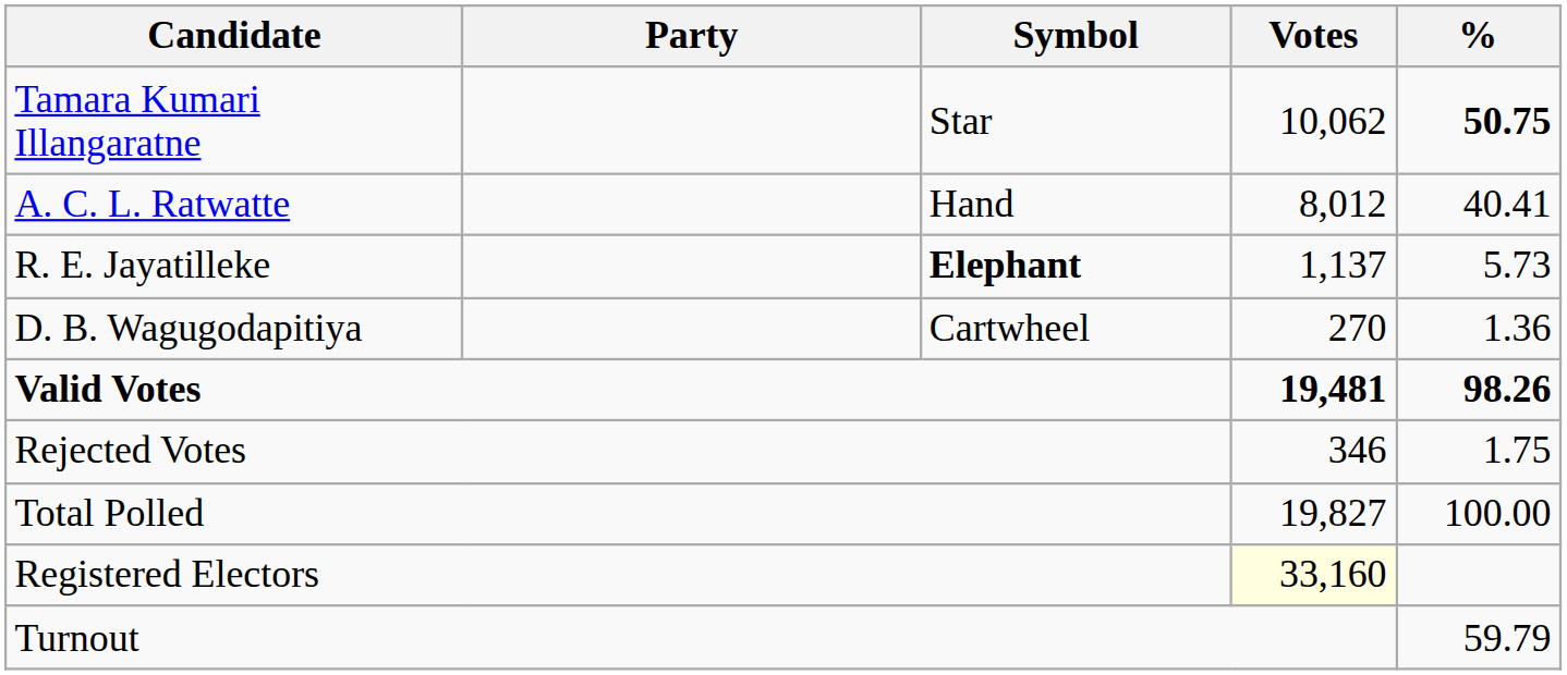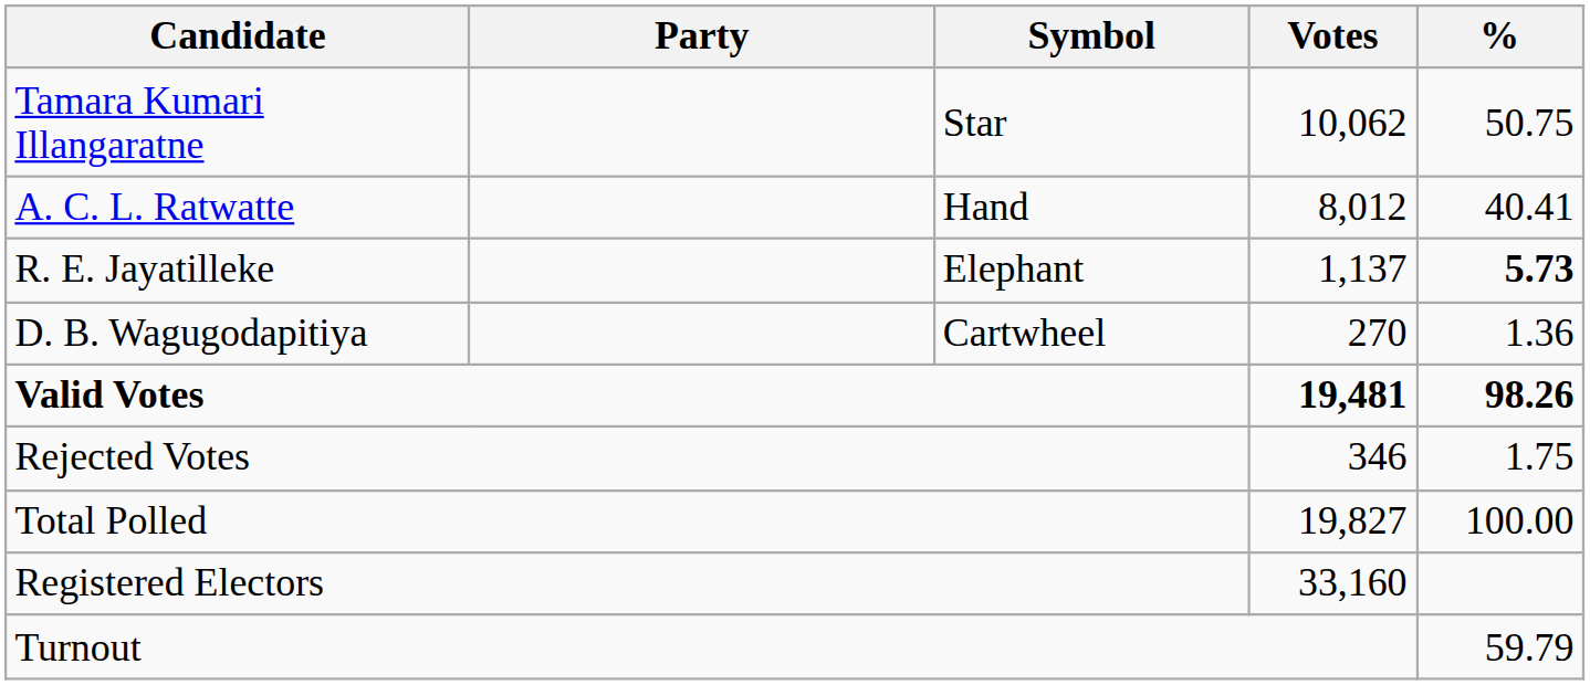 <table class="wikitable" border="1" style="text-align:right;">
 <tr>
 <th align=left width="180">Candidate</th>
 <th align=left width="180">Party</th>
 <th align=left width="120">Symbol</th>
 <th align=left width="60">Votes</th>
 <th align=left width="60">%</th>
 </tr>
 <tr>
 <td align=left><a href='#'>Tamara Kumari Illangaratne</a></td>
 <td></td>
 <td align=left>Star</td>
 <td align=right>10,062</td>
-<td align=right><strong>50.75</strong></td>
+<td align=right>50.75</td>
 </tr>
 <tr>
 <td align=left><a href='#'>A. C. L. Ratwatte</a></td>
 <td></td>
 <td align=left>Hand</td>
 <td align=right>8,012</td>
 <td align=right>40.41</td>
 </tr>
 <tr>
 <td align=left>R. E. Jayatilleke</td>
 <td></td>
-<td align=left><strong>Elephant</strong></td>
+<td align=left>Elephant</td>
 <td align=right>1,137</td>
-<td align=right>5.73</td>
+<td align=right><strong>5.73</strong></td>
 </tr>
 <tr>
 <td align=left>D. B. Wagugodapitiya</td>
 <td></td>
 <td align=left>Cartwheel</td>
 <td align=right>270</td>
 <td align=right>1.36</td>
 </tr>
 <tr>
 <td align=left colspan=3><strong>Valid Votes</strong></td>
 <td align=right><strong>19,481</strong></td>
 <td align=right><strong>98.26</strong></td>
 </tr>
 <tr>
 <td align=left colspan=3>Rejected Votes</td>
 <td align=right>346</td>
 <td align=right>1.75</td>
 </tr>
 <tr>
 <td align=left colspan=3>Total Polled</td>
 <td align=right>19,827</td>
 <td align=right>100.00</td>
 </tr>
 <tr>
 <td align=left colspan=3>Registered Electors</td>
-<td align=right style="background: lightyellow;">33,160</td>
+<td align=right>33,160</td>
 <td></td>
 </tr>
 <tr>
 <td align=left colspan=4>Turnout</td>
 <td align=right>59.79</td>
 </tr>
 </table>
